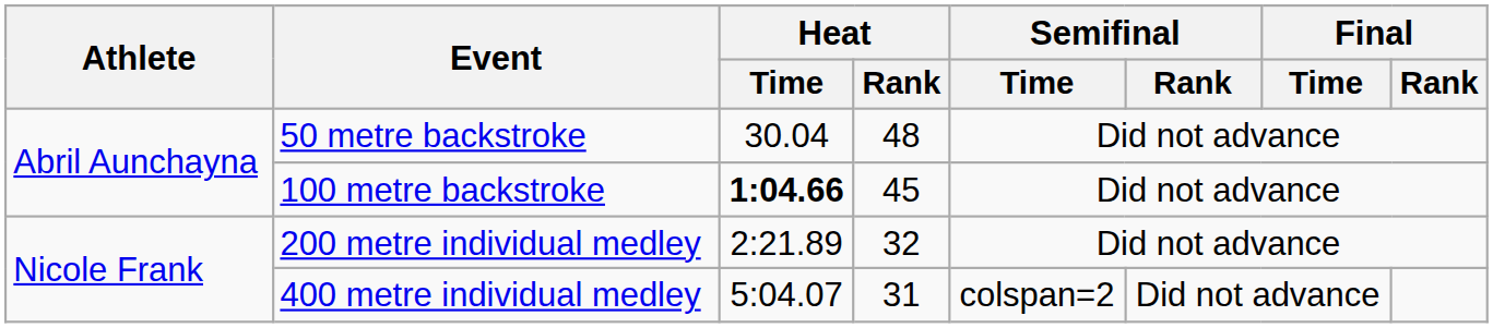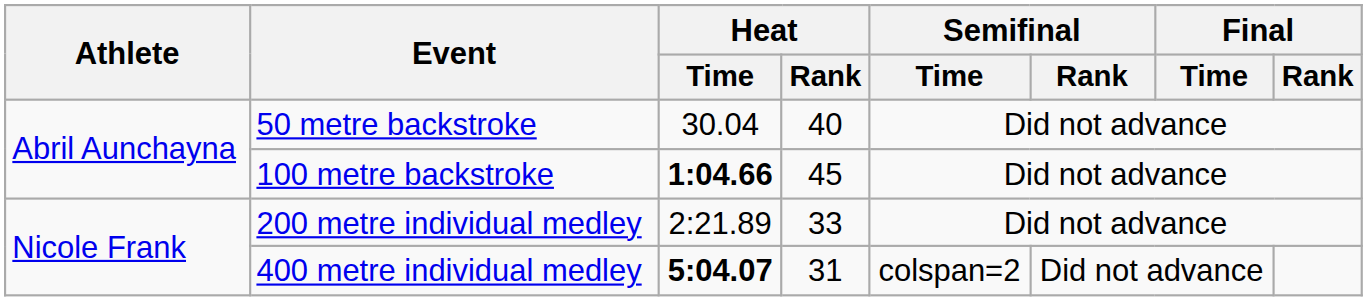 <table class="wikitable" style="text-align:center; font-size:90%; width:50%;">
 <tr>
 <th rowspan="2">Athlete</th>
 <th rowspan="2">Event</th>
 <th colspan="2">Heat</th>
 <th colspan="2">Semifinal</th>
 <th colspan="2">Final</th>
 </tr>
 <tr style="font-size:95%">
 <th>Time</th>
 <th>Rank</th>
 <th>Time</th>
 <th>Rank</th>
 <th>Time</th>
 <th>Rank</th>
 </tr>
 <tr>
 <td align=left rowspan=2><a href='#'>Abril Aunchayna</a></td>
 <td align=left><a href='#'>50 metre backstroke</a></td>
 <td>30.04</td>
-<td>48</td>
+<td>40</td>
 <td colspan=4>Did not advance</td>
 </tr>
 <tr>
 <td align=left><a href='#'>100 metre backstroke</a></td>
 <td><strong>1:04.66</strong></td>
 <td>45</td>
 <td colspan=4>Did not advance</td>
 </tr>
 <tr>
 <td align=left rowspan=2><a href='#'>Nicole Frank</a></td>
 <td align=left><a href='#'>200 metre individual medley</a></td>
 <td>2:21.89</td>
-<td>32</td>
+<td>33</td>
 <td colspan=4>Did not advance</td>
 </tr>
 <tr>
 <td align=left><a href='#'>400 metre individual medley</a></td>
-<td>5:04.07</td>
+<td><strong>5:04.07</strong></td>
 <td>31</td>
 <td>colspan=2 </td>
 <td colspan=2>Did not advance</td>
 </tr>
 </table>
